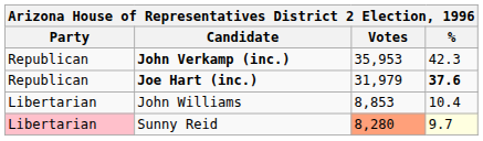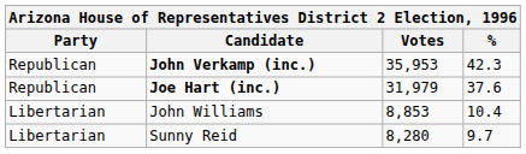 <table class="wikitable">
 <tr>
 <th colspan="4">Arizona House of Representatives District 2 Election, 1996</th>
 </tr>
 <tr>
 <th>Party</th>
 <th>Candidate</th>
 <th>Votes</th>
 <th>%</th>
 </tr>
 <tr>
 <td>Republican</td>
 <td><strong>John Verkamp (inc.)</strong></td>
 <td>35,953</td>
 <td>42.3</td>
 </tr>
 <tr>
 <td>Republican</td>
 <td><strong>Joe Hart (inc.)</strong></td>
 <td>31,979</td>
-<td><strong>37.6</strong></td>
+<td>37.6</td>
 </tr>
 <tr>
 <td>Libertarian</td>
 <td>John Williams</td>
 <td>8,853</td>
 <td>10.4</td>
 </tr>
 <tr>
-<td style="background: pink;">Libertarian</td>
+<td>Libertarian</td>
 <td>Sunny Reid</td>
-<td style="background: lightsalmon;">8,280</td>
-<td style="background: lightyellow;">9.7</td>
+<td>8,280</td>
+<td>9.7</td>
 </tr>
 </table>
